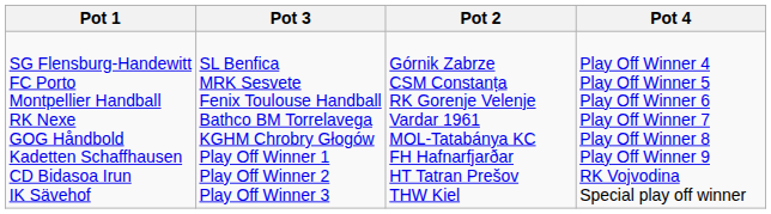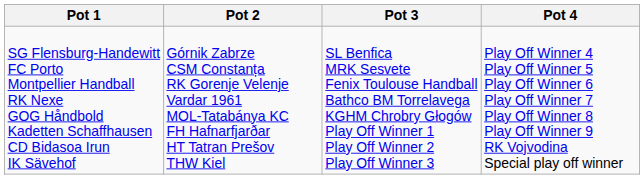 <table class="wikitable">
 <tr>
 <th width=25%>Pot 1</th>
+<th width=25%>Pot 2</th>
 <th width=25%>Pot 3</th>
-<th width=25%>Pot 2</th>
 <th width=25%>Pot 4</th>
 </tr>
 <tr>
 <td><br> <a href='#'>SG Flensburg-Handewitt</a><br>  <a href='#'>FC Porto</a><br>  <a href='#'>Montpellier Handball</a><br>  <a href='#'>RK Nexe</a><br>  <a href='#'>GOG Håndbold</a><br>  <a href='#'>Kadetten Schaffhausen</a><br>  <a href='#'>CD Bidasoa Irun</a><br>  <a href='#'>IK Sävehof</a></td>
+<td><br> <a href='#'>Górnik Zabrze</a><br>  <a href='#'>CSM Constanța</a><br>  <a href='#'>RK Gorenje Velenje</a><br>  <a href='#'>Vardar 1961</a><br>  <a href='#'>MOL-Tatabánya KC</a><br>  <a href='#'>FH Hafnarfjarðar</a> <br>  <a href='#'>HT Tatran Prešov</a><br>  <a href='#'>THW Kiel</a></td>
 <td><br> <a href='#'>SL Benfica</a><br>  <a href='#'>MRK Sesvete</a><br>  <a href='#'>Fenix Toulouse Handball</a><br>  <a href='#'>Bathco BM Torrelavega</a><br>  <a href='#'>KGHM Chrobry Głogów</a><br>  <a href='#'>Play Off Winner 1</a><br>  <a href='#'>Play Off Winner 2</a><br>  <a href='#'>Play Off Winner 3</a></td>
-<td><br> <a href='#'>Górnik Zabrze</a><br>  <a href='#'>CSM Constanța</a><br>  <a href='#'>RK Gorenje Velenje</a><br>  <a href='#'>Vardar 1961</a><br>  <a href='#'>MOL-Tatabánya KC</a><br>  <a href='#'>FH Hafnarfjarðar</a> <br>  <a href='#'>HT Tatran Prešov</a><br>  <a href='#'>THW Kiel</a></td>
 <td><br> <a href='#'>Play Off Winner 4</a><br>  <a href='#'>Play Off Winner 5</a><br>  <a href='#'>Play Off Winner 6</a><br>  <a href='#'>Play Off Winner 7</a><br>  <a href='#'>Play Off Winner 8</a><br>  <a href='#'>Play Off Winner 9</a><br>  <a href='#'>RK Vojvodina</a><br>  Special play off winner</td>
 </tr>
 </table>
